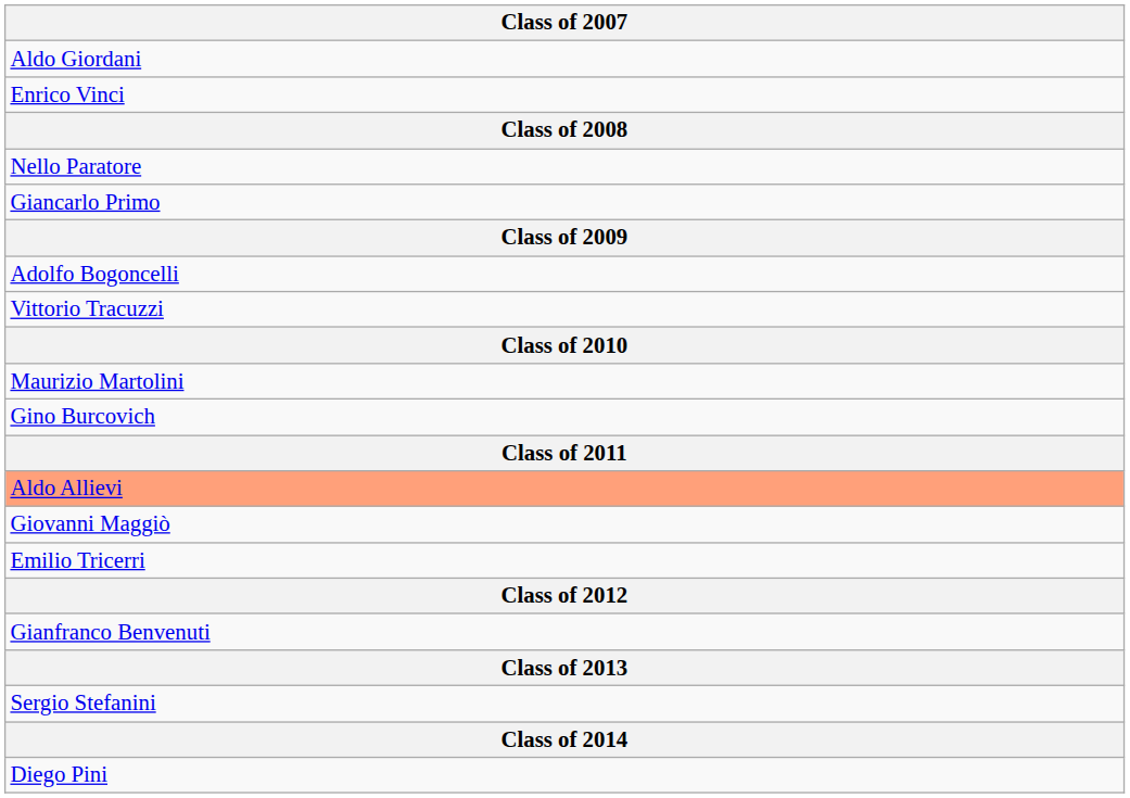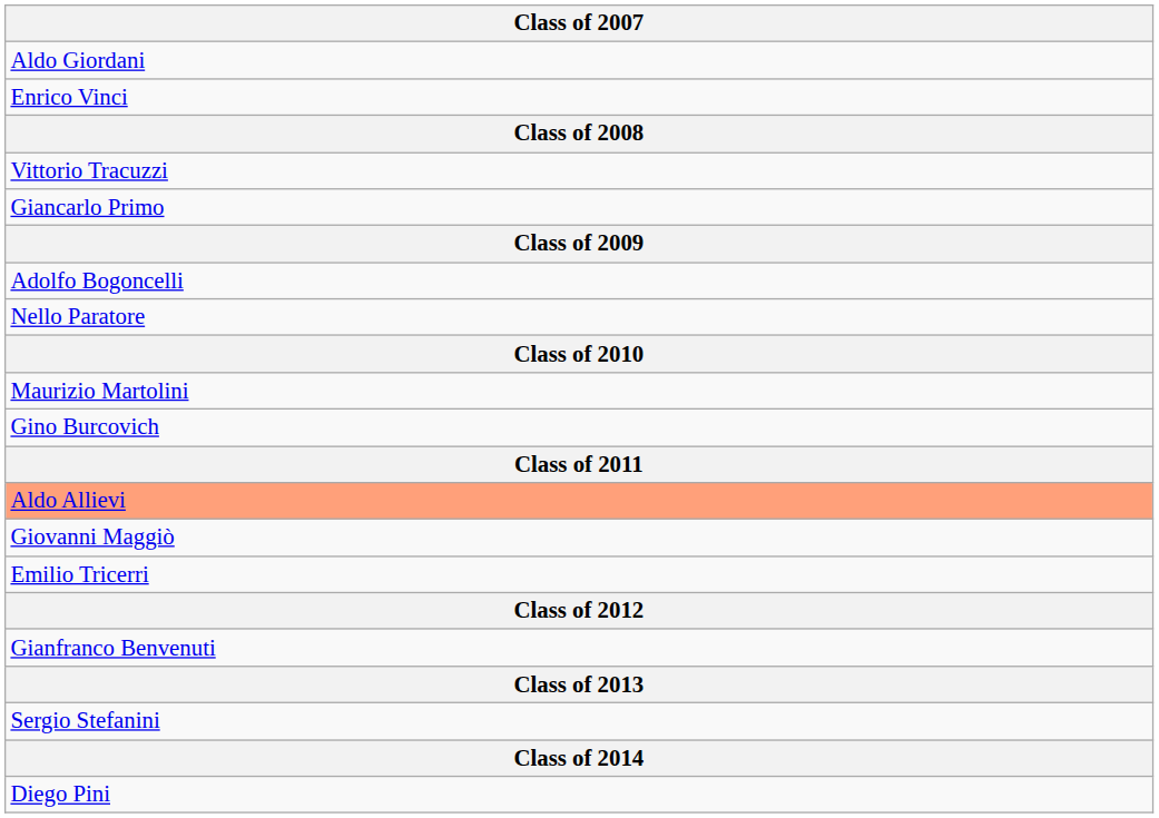 <table class="wikitable" style="width:40%">
 <tr>
 <th>Class of 2007</th>
 </tr>
 <tr>
 <td><a href='#'>Aldo Giordani</a></td>
 </tr>
 <tr>
 <td><a href='#'>Enrico Vinci</a></td>
 </tr>
 <tr>
 <th>Class of 2008</th>
 </tr>
 <tr>
-<td><a href='#'>Nello Paratore</a></td>
+<td><a href='#'>Vittorio Tracuzzi</a></td>
 </tr>
 <tr>
 <td><a href='#'>Giancarlo Primo</a></td>
 </tr>
 <tr>
 <th>Class of 2009</th>
 </tr>
 <tr>
 <td><a href='#'>Adolfo Bogoncelli</a></td>
 </tr>
 <tr>
-<td><a href='#'>Vittorio Tracuzzi</a></td>
+<td><a href='#'>Nello Paratore</a></td>
 </tr>
 <tr>
 <th>Class of 2010</th>
 </tr>
 <tr>
 <td><a href='#'>Maurizio Martolini</a></td>
 </tr>
 <tr>
 <td><a href='#'>Gino Burcovich</a></td>
 </tr>
 <tr>
 <th>Class of 2011</th>
 </tr>
 <tr>
 <td style="background: lightsalmon;"><a href='#'>Aldo Allievi</a></td>
 </tr>
 <tr>
 <td><a href='#'>Giovanni Maggiò</a></td>
 </tr>
 <tr>
 <td><a href='#'>Emilio Tricerri</a></td>
 </tr>
 <tr>
 <th>Class of 2012</th>
 </tr>
 <tr>
 <td><a href='#'>Gianfranco Benvenuti</a></td>
 </tr>
 <tr>
 <th>Class of 2013</th>
 </tr>
 <tr>
 <td><a href='#'>Sergio Stefanini</a></td>
 </tr>
 <tr>
 <th>Class of 2014</th>
 </tr>
 <tr>
 <td><a href='#'>Diego Pini</a></td>
 </tr>
 </table>
